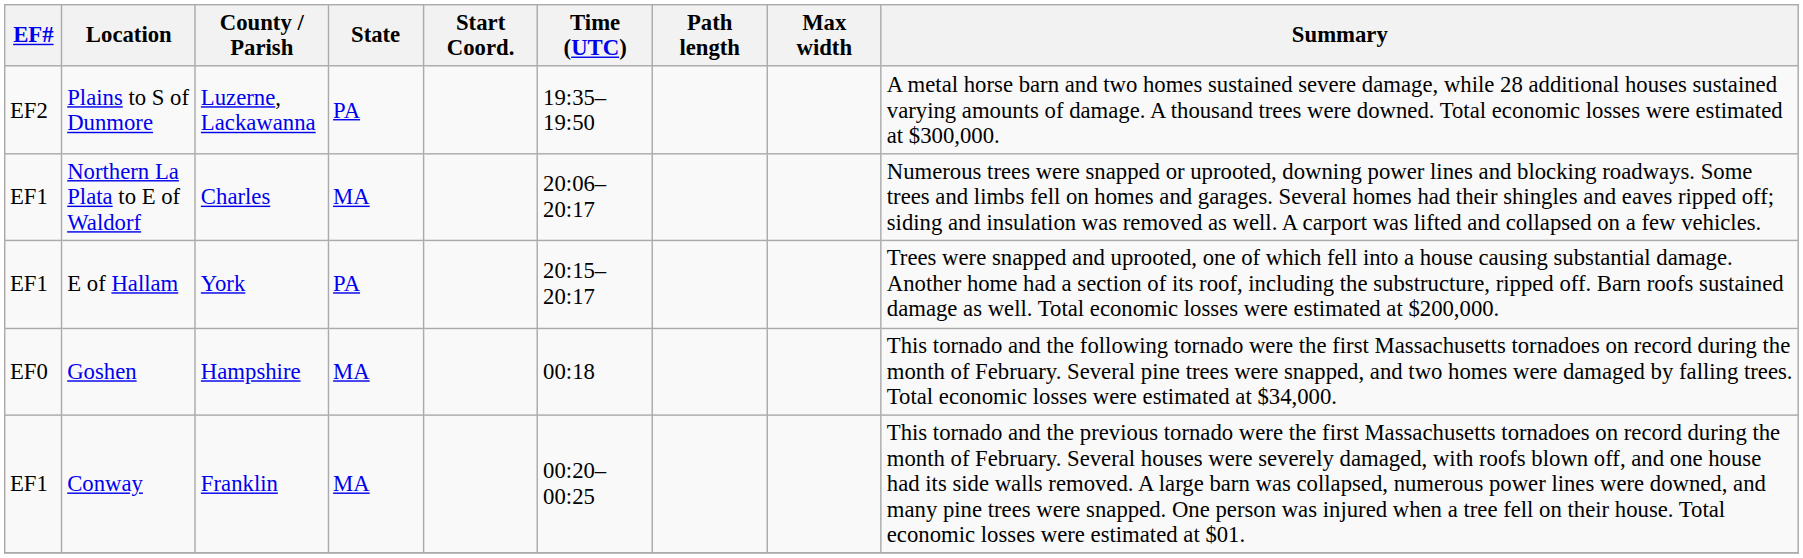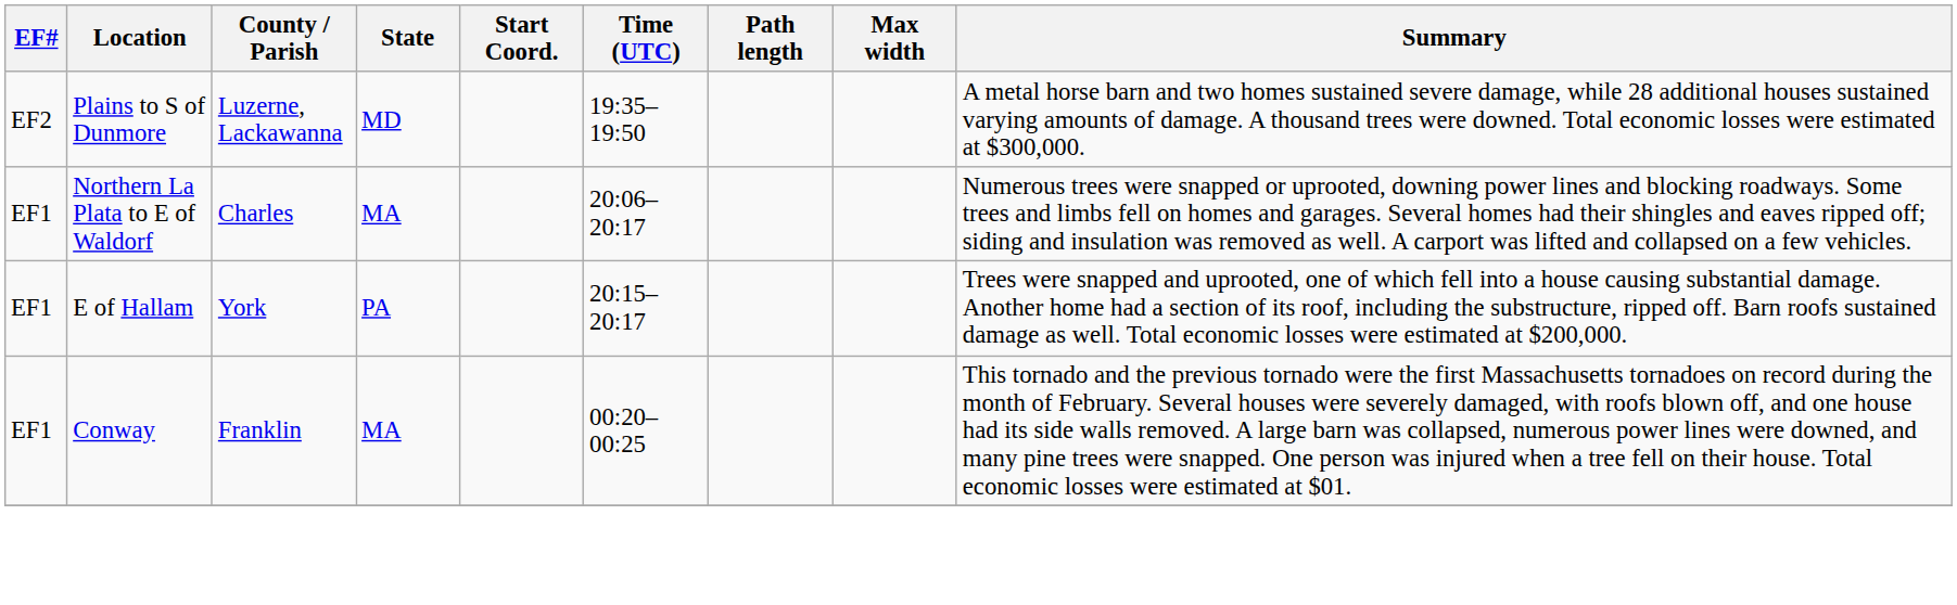 <table class="wikitable sortable" style="width:100%;">
 <tr>
 <th scope="col" style="width:3%; text-align:center;"><a href='#'>EF#</a></th>
 <th scope="col" style="width:7%; text-align:center;" class="unsortable">Location</th>
 <th scope="col" style="width:6%; text-align:center;" class="unsortable">County / Parish</th>
 <th scope="col" style="width:5%; text-align:center;">State</th>
 <th scope="col" style="width:6%; text-align:center;">Start Coord.</th>
 <th scope="col" style="width:6%; text-align:center;">Time (<a href='#'>UTC</a>)</th>
 <th scope="col" style="width:6%; text-align:center;">Path length</th>
 <th scope="col" style="width:6%; text-align:center;">Max width</th>
 <th scope="col" class="unsortable" style="width:48%; text-align:center;">Summary</th>
 </tr>
 <tr>
 <td>EF2</td>
 <td><a href='#'>Plains</a> to S of <a href='#'>Dunmore</a></td>
 <td><a href='#'>Luzerne</a>, <a href='#'>Lackawanna</a></td>
-<td><a href='#'>PA</a></td>
+<td><a href='#'>MD</a></td>
 <td></td>
 <td>19:35–19:50</td>
 <td></td>
 <td></td>
 <td>A metal horse barn and two homes sustained severe damage, while 28 additional houses sustained varying amounts of damage. A thousand trees were downed. Total economic losses were estimated at $300,000.</td>
 </tr>
 <tr>
 <td>EF1</td>
 <td><a href='#'>Northern La Plata</a> to E of <a href='#'>Waldorf</a></td>
 <td><a href='#'>Charles</a></td>
 <td><a href='#'>MA</a></td>
 <td></td>
 <td>20:06–20:17</td>
 <td></td>
 <td></td>
 <td>Numerous trees were snapped or uprooted, downing power lines and blocking roadways. Some trees and limbs fell on homes and garages. Several homes had their shingles and eaves ripped off; siding and insulation was removed as well. A carport was lifted and collapsed on a few vehicles.</td>
 </tr>
 <tr>
 <td>EF1</td>
 <td>E of <a href='#'>Hallam</a></td>
 <td><a href='#'>York</a></td>
 <td><a href='#'>PA</a></td>
 <td></td>
 <td>20:15–20:17</td>
 <td></td>
 <td></td>
 <td>Trees were snapped and uprooted, one of which fell into a house causing substantial damage. Another home had a section of its roof, including the substructure, ripped off. Barn roofs sustained damage as well. Total economic losses were estimated at $200,000.</td>
 </tr>
 <tr>
-<td>EF0</td>
-<td><a href='#'>Goshen</a></td>
-<td><a href='#'>Hampshire</a></td>
-<td><a href='#'>MA</a></td>
-<td></td>
-<td>00:18</td>
-<td></td>
-<td></td>
-<td>This tornado and the following tornado were the first Massachusetts tornadoes on record during the month of February. Several pine trees were snapped, and two homes were damaged by falling trees. Total economic losses were estimated at $34,000.</td>
-</tr>
-<tr>
 <td>EF1</td>
 <td><a href='#'>Conway</a></td>
 <td><a href='#'>Franklin</a></td>
 <td><a href='#'>MA</a></td>
 <td></td>
 <td>00:20–00:25</td>
 <td></td>
 <td></td>
 <td>This tornado and the previous tornado were the first Massachusetts tornadoes on record during the month of February. Several houses were severely damaged, with roofs blown off, and one house had its side walls removed. A large barn was collapsed, numerous power lines were downed, and many pine trees were snapped. One person was injured when a tree fell on their house. Total economic losses were estimated at $01.</td>
 </tr>
 <tr>
 </tr>
 </table>
